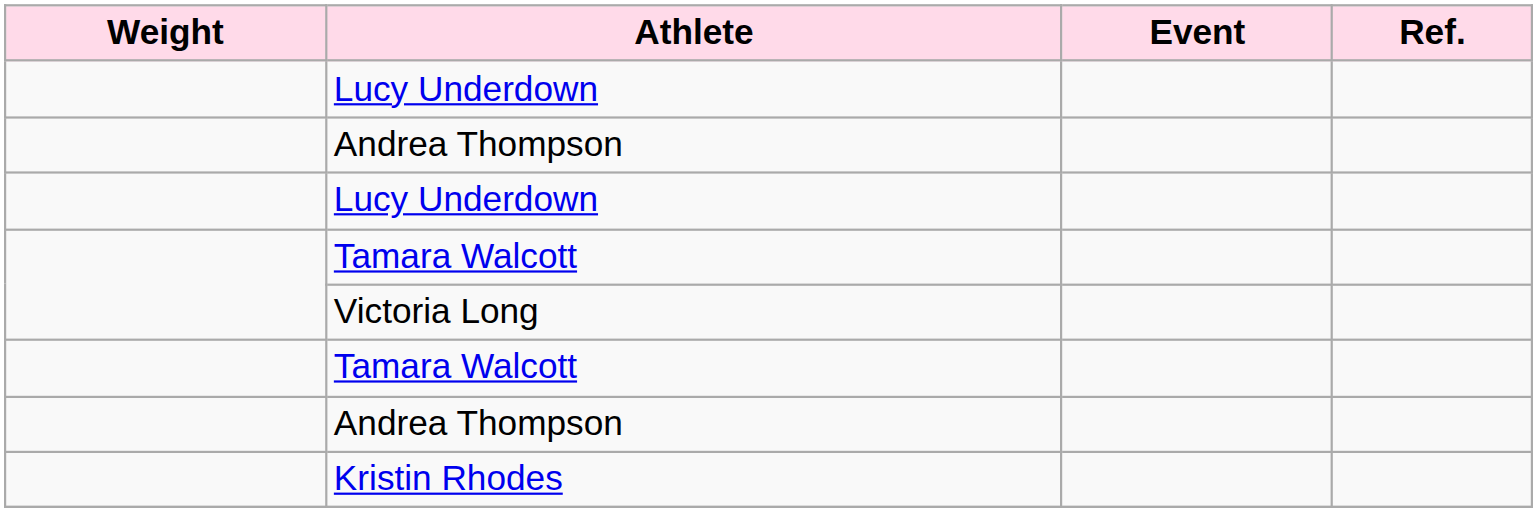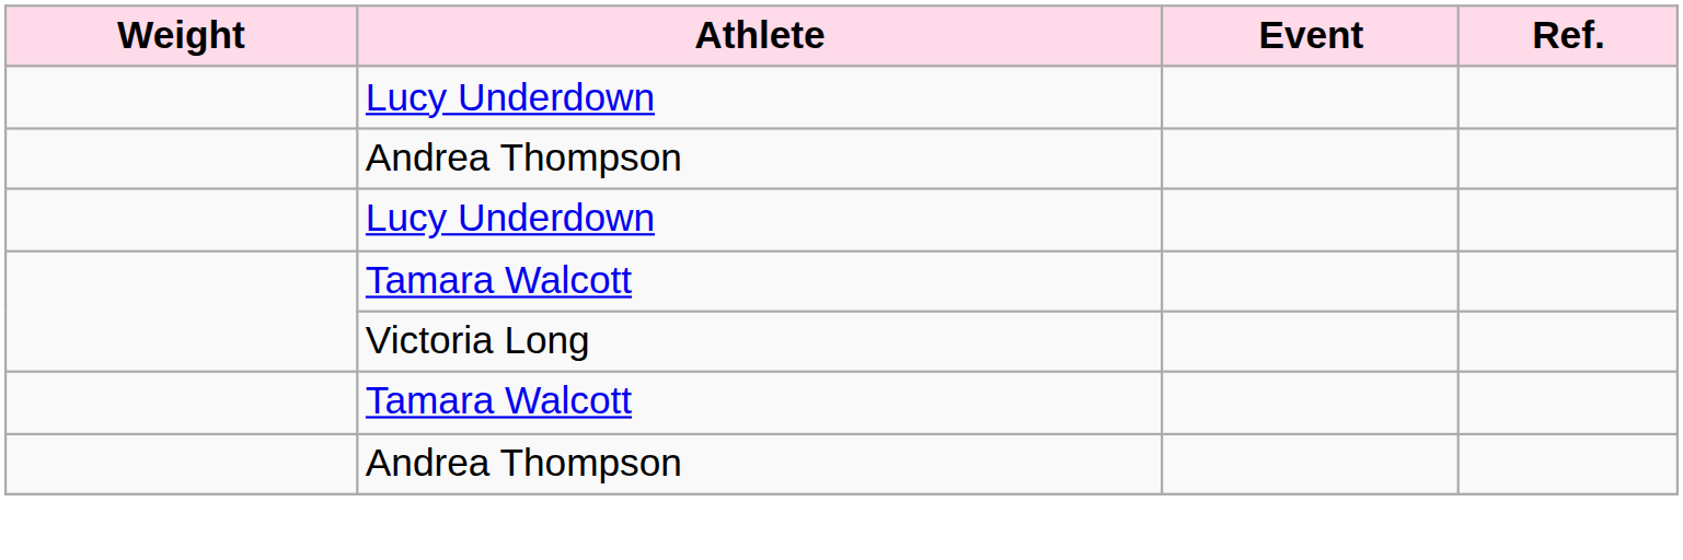 <table class="wikitable sortable" style="display: inline-table;width: 55%;">
 <tr>
 <th style="background: #FFDAE9;">Weight</th>
 <th style="background: #FFDAE9;">Athlete</th>
 <th style="background: #FFDAE9;">Event</th>
 <th style="background: #FFDAE9;">Ref.</th>
 </tr>
 <tr>
 <td></td>
 <td> <a href='#'>Lucy Underdown</a></td>
 <td></td>
 <td></td>
 </tr>
 <tr>
 <td></td>
 <td> Andrea Thompson</td>
 <td></td>
 <td></td>
 </tr>
 <tr>
 <td></td>
 <td> <a href='#'>Lucy Underdown</a></td>
 <td></td>
 <td></td>
 </tr>
 <tr>
 <td rowspan="2"></td>
 <td> <a href='#'>Tamara Walcott</a></td>
 <td></td>
 <td></td>
 </tr>
 <tr>
 <td> Victoria Long</td>
 <td></td>
 <td></td>
 </tr>
 <tr>
 <td></td>
 <td> <a href='#'>Tamara Walcott</a></td>
 <td></td>
 <td></td>
 </tr>
 <tr>
 <td></td>
 <td> Andrea Thompson</td>
 <td></td>
 <td></td>
 </tr>
 <tr>
-<td></td>
-<td> <a href='#'>Kristin Rhodes</a></td>
-<td></td>
-<td></td>
-</tr>
-<tr>
 </tr>
 </table>
